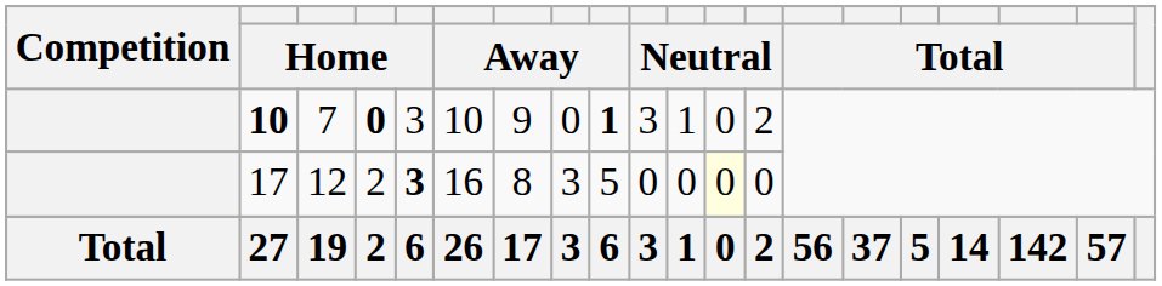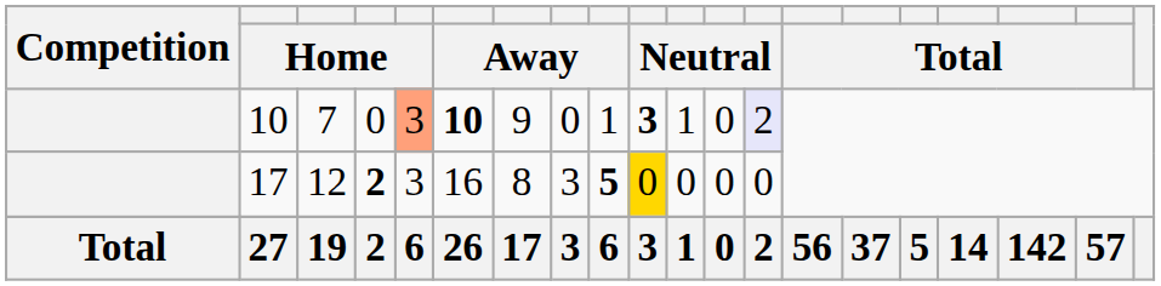 <table class="wikitable plainrowheaders sortable" style="text-align:center">
 <tr>
 <th scope="col" rowspan="2">Competition</th>
 <th scope="col"></th>
 <th scope="col"></th>
 <th scope="col"></th>
 <th scope="col"></th>
 <th scope="col"></th>
 <th scope="col"></th>
 <th scope="col"></th>
 <th scope="col"></th>
 <th scope="col"></th>
 <th scope="col"></th>
 <th scope="col"></th>
 <th scope="col"></th>
 <th scope="col"></th>
 <th scope="col"></th>
 <th scope="col"></th>
 <th scope="col"></th>
 <th scope="col"></th>
 <th scope="col"></th>
 <th scope="col" rowspan="2"></th>
 </tr>
 <tr class="unsortable">
 <th colspan="4">Home</th>
 <th colspan="4">Away</th>
 <th colspan="4">Neutral</th>
 <th colspan="6">Total</th>
 </tr>
 <tr>
 <th scope="row" align=left></th>
+<td>10</td>
+<td>7</td>
+<td>0</td>
+<td style="background: lightsalmon;">3</td>
 <td><strong>10</strong></td>
-<td>7</td>
-<td><strong>0</strong></td>
-<td>3</td>
-<td>10</td>
 <td>9</td>
 <td>0</td>
-<td><strong>1</strong></td>
-<td>3</td>
+<td>1</td>
+<td><strong>3</strong></td>
 <td>1</td>
 <td>0</td>
-<td>2<br></td>
+<td style="background: lavender;">2<br></td>
 </tr>
 <tr>
 <th scope="row" align=left></th>
 <td>17</td>
 <td>12</td>
-<td>2</td>
-<td><strong>3</strong></td>
+<td><strong>2</strong></td>
+<td>3</td>
 <td>16</td>
 <td>8</td>
 <td>3</td>
-<td>5</td>
+<td><strong>5</strong></td>
+<td style="background: gold;">0</td>
 <td>0</td>
 <td>0</td>
-<td style="background: lightyellow;">0</td>
 <td>0<br></td>
 </tr>
 <tr>
 </tr>
 <tr class="sortbottom">
 <th>Total</th>
 <th>27</th>
 <th>19</th>
 <th>2</th>
 <th>6</th>
 <th>26</th>
 <th>17</th>
 <th>3</th>
 <th>6</th>
 <th>3</th>
 <th>1</th>
 <th>0</th>
 <th>2</th>
 <th>56</th>
 <th>37</th>
 <th>5</th>
 <th>14</th>
 <th>142</th>
 <th>57</th>
 <th><br></th>
 </tr>
 </table>
